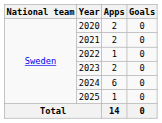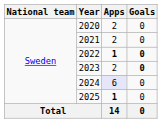 <table class="wikitable" style="text-align:center">
 <tr>
 <th>National team</th>
 <th>Year</th>
 <th>Apps</th>
 <th>Goals</th>
 </tr>
 <tr>
 <td rowspan="6"><a href='#'>Sweden</a></td>
 <td>2020</td>
 <td>2</td>
 <td>0</td>
 </tr>
 <tr>
 <td>2021</td>
 <td>2</td>
 <td>0</td>
 </tr>
 <tr>
 <td>2022</td>
-<td>1</td>
-<td>0</td>
+<td><strong>1</strong></td>
+<td><strong>0</strong></td>
 </tr>
 <tr>
 <td>2023</td>
 <td>2</td>
-<td>0</td>
+<td><strong>0</strong></td>
 </tr>
 <tr>
 <td>2024</td>
-<td>6</td>
+<td style="background: lavender;">6</td>
 <td>0</td>
 </tr>
 <tr>
 <td>2025</td>
-<td>1</td>
+<td><strong>1</strong></td>
 <td>0</td>
 </tr>
 <tr>
 <th colspan="2">Total</th>
 <th>14</th>
 <th>0</th>
 </tr>
 </table>
